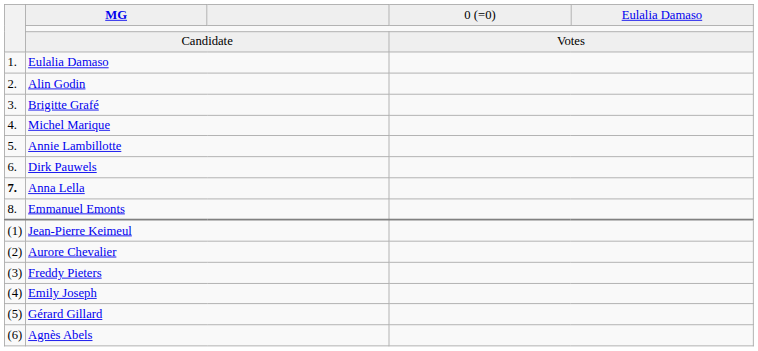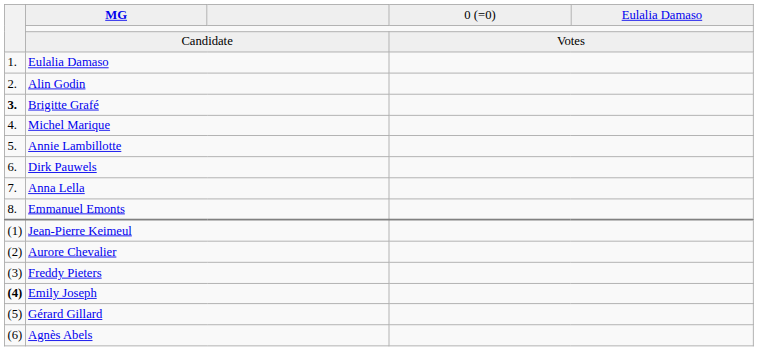 <table class="wikitable collapsible collapsed" style=text-align:left;font-size:90%>
 <tr>
 <th rowspan=3></th>
 <td bgcolor=efefef width=200 align=center><strong> <a href='#'>MG</a></strong></td>
 <td bgcolor=efefef width=200 align=center></td>
 <td bgcolor=efefef width=200 align=center>0 (=0)</td>
 <td bgcolor=efefef width=200 align=center><a href='#'>Eulalia Damaso</a></td>
 </tr>
 <tr>
 <td colspan=4 bgcolor=></td>
 </tr>
 <tr>
 <td bgcolor=efefef align=center colspan=2>Candidate</td>
 <td bgcolor=efefef align=center colspan=2>Votes</td>
 </tr>
 <tr>
 <td>1.</td>
 <td colspan=2><a href='#'>Eulalia Damaso</a></td>
 <td colspan=2></td>
 </tr>
 <tr>
 <td>2.</td>
 <td colspan=2><a href='#'>Alin Godin</a></td>
 <td colspan=2></td>
 </tr>
 <tr>
-<td>3.</td>
+<td><strong>3.</strong></td>
 <td colspan=2><a href='#'>Brigitte Grafé</a></td>
 <td colspan=2></td>
 </tr>
 <tr>
 <td>4.</td>
 <td colspan=2><a href='#'>Michel Marique</a></td>
 <td colspan=2></td>
 </tr>
 <tr>
 <td>5.</td>
 <td colspan=2><a href='#'>Annie Lambillotte</a></td>
 <td colspan=2></td>
 </tr>
 <tr>
 <td>6.</td>
 <td colspan=2><a href='#'>Dirk Pauwels</a></td>
 <td colspan=2></td>
 </tr>
 <tr>
-<td><strong>7.</strong></td>
+<td>7.</td>
 <td colspan=2><a href='#'>Anna Lella</a></td>
 <td colspan=2></td>
 </tr>
 <tr>
 <td>8.</td>
 <td colspan=2><a href='#'>Emmanuel Emonts</a></td>
 <td colspan=2></td>
 </tr>
 <tr style="border-top:2px solid gray;">
 <td>(1)</td>
 <td colspan=2><a href='#'>Jean‐Pierre Keimeul</a></td>
 <td colspan=2></td>
 </tr>
 <tr>
 <td>(2)</td>
 <td colspan=2><a href='#'>Aurore Chevalier</a></td>
 <td colspan=2></td>
 </tr>
 <tr>
 <td>(3)</td>
 <td colspan=2><a href='#'>Freddy Pieters</a></td>
 <td colspan=2></td>
 </tr>
 <tr>
-<td>(4)</td>
+<td><strong>(4)</strong></td>
 <td colspan=2><a href='#'>Emily Joseph</a></td>
 <td colspan=2></td>
 </tr>
 <tr>
 <td>(5)</td>
 <td colspan=2><a href='#'>Gérard Gillard</a></td>
 <td colspan=2></td>
 </tr>
 <tr>
 <td>(6)</td>
 <td colspan=2><a href='#'>Agnès Abels</a></td>
 <td colspan=2></td>
 </tr>
 </table>
